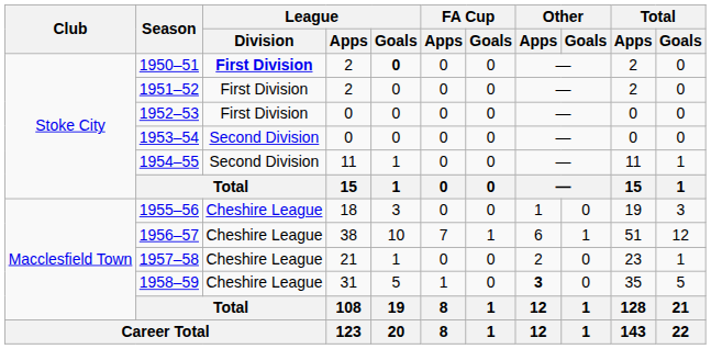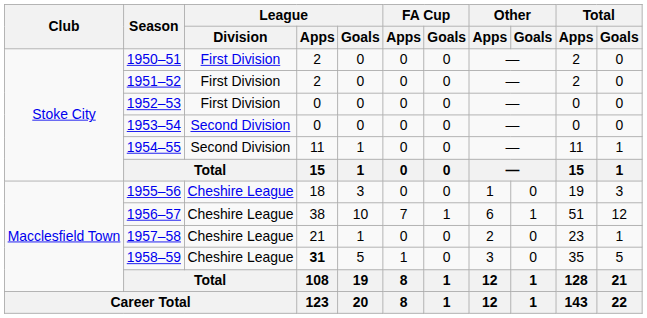 <table class="wikitable" style="text-align: center;">
 <tr>
 <th rowspan="2">Club</th>
 <th rowspan="2">Season</th>
 <th colspan="3">League</th>
 <th colspan="2">FA Cup</th>
 <th colspan="2">Other</th>
 <th colspan="2">Total</th>
 </tr>
 <tr>
 <th>Division</th>
 <th>Apps</th>
 <th>Goals</th>
 <th>Apps</th>
 <th>Goals</th>
 <th>Apps</th>
 <th>Goals</th>
 <th>Apps</th>
 <th>Goals</th>
 </tr>
 <tr>
 <td rowspan=6><a href='#'>Stoke City</a></td>
 <td><a href='#'>1950–51</a></td>
-<td><strong><a href='#'>First Division</a></strong></td>
+<td><a href='#'>First Division</a></td>
 <td>2</td>
-<td><strong>0</strong></td>
+<td>0</td>
 <td>0</td>
 <td>0</td>
 <td colspan="2">—</td>
 <td>2</td>
 <td>0</td>
 </tr>
 <tr>
 <td><a href='#'>1951–52</a></td>
 <td>First Division</td>
 <td>2</td>
 <td>0</td>
 <td>0</td>
 <td>0</td>
 <td colspan="2">—</td>
 <td>2</td>
 <td>0</td>
 </tr>
 <tr>
 <td><a href='#'>1952–53</a></td>
 <td>First Division</td>
 <td>0</td>
 <td>0</td>
 <td>0</td>
 <td>0</td>
 <td colspan="2">—</td>
 <td>0</td>
 <td>0</td>
 </tr>
 <tr>
 <td><a href='#'>1953–54</a></td>
 <td><a href='#'>Second Division</a></td>
 <td>0</td>
 <td>0</td>
 <td>0</td>
 <td>0</td>
 <td colspan="2">—</td>
 <td>0</td>
 <td>0</td>
 </tr>
 <tr>
 <td><a href='#'>1954–55</a></td>
 <td>Second Division</td>
 <td>11</td>
 <td>1</td>
 <td>0</td>
 <td>0</td>
 <td colspan="2">—</td>
 <td>11</td>
 <td>1</td>
 </tr>
 <tr>
 <th colspan=2>Total</th>
 <th>15</th>
 <th>1</th>
 <th>0</th>
 <th>0</th>
 <th colspan="2">—</th>
 <th>15</th>
 <th>1</th>
 </tr>
 <tr>
 <td rowspan=5><a href='#'>Macclesfield Town</a></td>
 <td><a href='#'>1955–56</a></td>
 <td><a href='#'>Cheshire League</a></td>
 <td>18</td>
 <td>3</td>
 <td>0</td>
 <td>0</td>
 <td>1</td>
 <td>0</td>
 <td>19</td>
 <td>3</td>
 </tr>
 <tr>
 <td><a href='#'>1956–57</a></td>
 <td>Cheshire League</td>
 <td>38</td>
 <td>10</td>
 <td>7</td>
 <td>1</td>
 <td>6</td>
 <td>1</td>
 <td>51</td>
 <td>12</td>
 </tr>
 <tr>
 <td><a href='#'>1957–58</a></td>
 <td>Cheshire League</td>
 <td>21</td>
 <td>1</td>
 <td>0</td>
 <td>0</td>
 <td>2</td>
 <td>0</td>
 <td>23</td>
 <td>1</td>
 </tr>
 <tr>
 <td><a href='#'>1958–59</a></td>
 <td>Cheshire League</td>
-<td>31</td>
+<td><strong>31</strong></td>
 <td>5</td>
 <td>1</td>
 <td>0</td>
-<td><strong>3</strong></td>
+<td>3</td>
 <td>0</td>
 <td>35</td>
 <td>5</td>
 </tr>
 <tr>
 <th colspan=2>Total</th>
 <th>108</th>
 <th>19</th>
 <th>8</th>
 <th>1</th>
 <th>12</th>
 <th>1</th>
 <th>128</th>
 <th>21</th>
 </tr>
 <tr>
 <th colspan="3">Career Total</th>
 <th>123</th>
 <th>20</th>
 <th>8</th>
 <th>1</th>
 <th>12</th>
 <th>1</th>
 <th>143</th>
 <th>22</th>
 </tr>
 </table>
